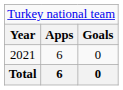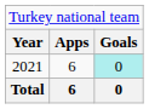 <table class="wikitable" style="text-align:center">
 <tr>
 <td colspan="3"><a href='#'>Turkey national team</a></td>
 </tr>
 <tr>
 <th>Year</th>
 <th>Apps</th>
 <th>Goals</th>
 </tr>
 <tr>
 <td>2021</td>
 <td>6</td>
-<td>0</td>
+<td style="background: paleturquoise;">0</td>
 </tr>
 <tr>
 <th>Total</th>
 <th>6</th>
 <th>0</th>
 </tr>
 </table>
